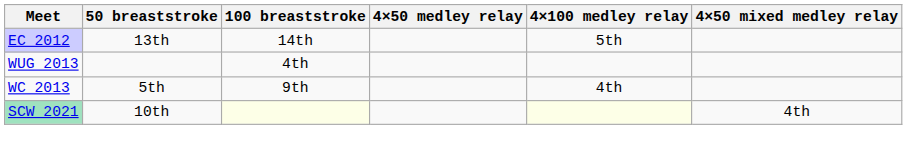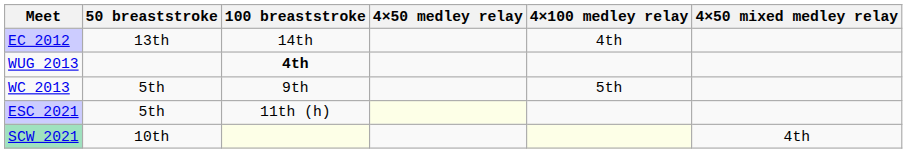 <table class="sortable wikitable">
 <tr>
 <th>Meet</th>
 <th class="unsortable">50 breaststroke</th>
 <th class="unsortable">100 breaststroke</th>
 <th class="unsortable">4×50 medley relay</th>
 <th class="unsortable">4×100 medley relay</th>
 <th class="unsortable">4×50 mixed medley relay</th>
 </tr>
 <tr>
 <td style="background:#ccccff"><a href='#'>EC 2012</a></td>
 <td align="center">13th</td>
 <td align="center">14th</td>
 <td></td>
-<td align="center">5th</td>
+<td align="center">4th</td>
 <td></td>
 </tr>
 <tr>
 <td><a href='#'>WUG 2013</a></td>
 <td></td>
-<td align="center">4th</td>
+<td align="center"><strong>4th</strong></td>
 <td></td>
 <td align="center"></td>
 <td></td>
 </tr>
 <tr>
 <td><a href='#'>WC 2013</a></td>
 <td align="center">5th</td>
 <td align="center">9th</td>
 <td></td>
-<td align="center">4th</td>
+<td align="center">5th</td>
 <td></td>
+</tr>
+<tr>
+<td style="background:#ccccff"><a href='#'>ESC 2021</a></td>
+<td align="center">5th</td>
+<td align="center">11th (h)</td>
+<td style="background:#fdffe7"></td>
+<td></td>
+<td align="center"></td>
 </tr>
 <tr>
 <td style="background:#9fe2bf"><a href='#'>SCW 2021</a></td>
 <td align="center">10th</td>
 <td style="background:#fdffe7"></td>
 <td align="center"></td>
 <td style="background:#fdffe7"></td>
 <td align="center">4th</td>
 </tr>
 </table>
